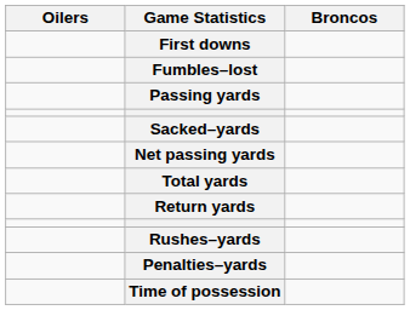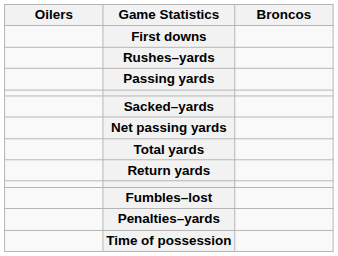 <table class="wikitable" style="margin: 1em auto 1em auto">
 <tr>
 <th style="width:30%;">Oilers</th>
 <th style="width:40%;">Game Statistics</th>
 <th style="width:30%;">Broncos</th>
 </tr>
 <tr>
 <td style="text-align:right;"></td>
 <th>First downs</th>
 <td></td>
 </tr>
 <tr>
 <td style="text-align:right;"></td>
-<th>Fumbles–lost</th>
+<th>Rushes–yards</th>
 <td></td>
 </tr>
 <tr>
 <td style="text-align:right;"></td>
 <th>Passing yards</th>
 <td></td>
 </tr>
 <tr>
 <td style="text-align:right;"></td>
 <th></th>
 <td></td>
 </tr>
 <tr>
 <td style="text-align:right;"></td>
 <th>Sacked–yards</th>
 <td></td>
 </tr>
 <tr>
 <td style="text-align:right;"></td>
 <th>Net passing yards</th>
 <td></td>
 </tr>
 <tr>
 <td style="text-align:right;"></td>
 <th>Total yards</th>
 <td></td>
 </tr>
 <tr>
 <td style="text-align:right;"></td>
 <th>Return yards</th>
 <td></td>
 </tr>
 <tr>
 <td style="text-align:right;"></td>
 <th></th>
 <td></td>
 </tr>
 <tr>
 <td style="text-align:right;"></td>
-<th>Rushes–yards</th>
+<th>Fumbles–lost</th>
 <td></td>
 </tr>
 <tr>
 <td style="text-align:right;"></td>
 <th>Penalties–yards</th>
 <td></td>
 </tr>
 <tr>
 <td style="text-align:right;"></td>
 <th>Time of possession</th>
 <td></td>
 </tr>
 </table>
